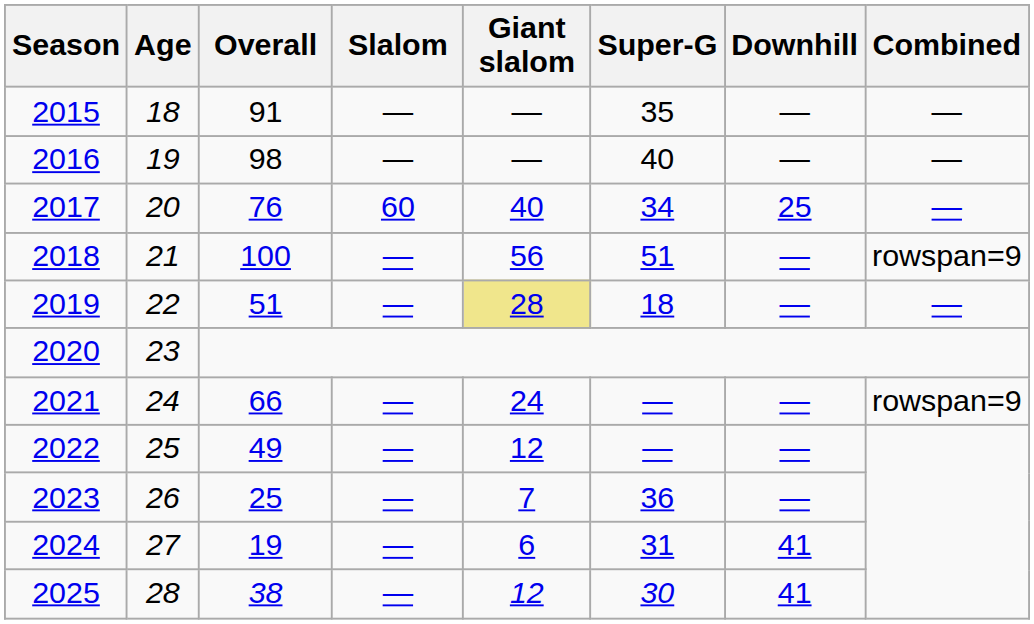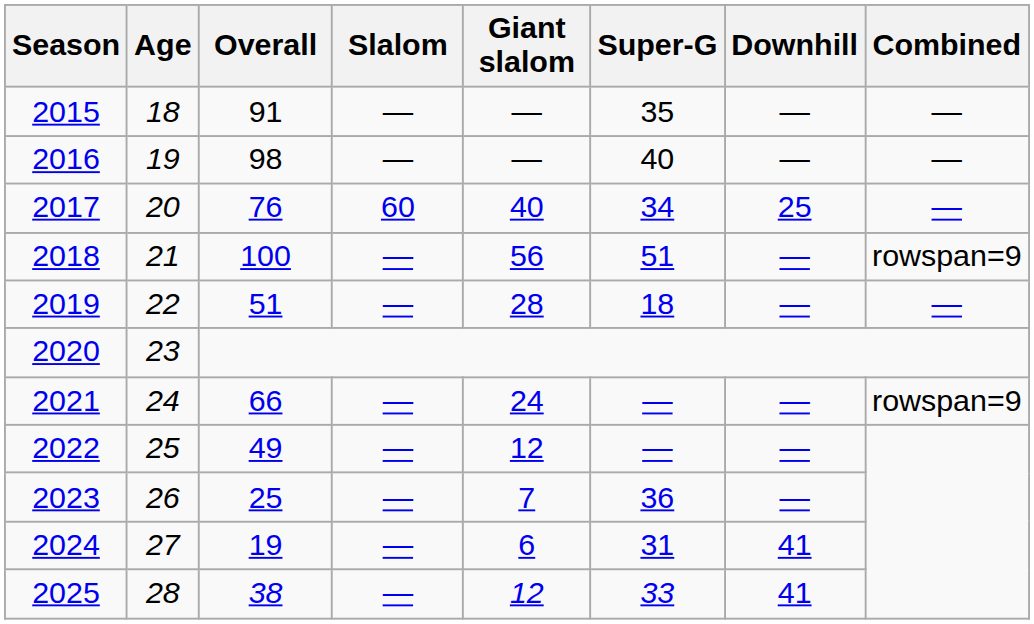 <table class=wikitable style="text-align:center">
 <tr>
 <th>Season</th>
 <th>Age</th>
 <th> Overall </th>
 <th> Slalom </th>
 <th>Giant<br> slalom </th>
 <th>Super-G</th>
 <th>Downhill</th>
 <th>Combined</th>
 </tr>
 <tr>
 <td><a href='#'>2015</a></td>
 <td><em>18</em></td>
 <td>91</td>
 <td>—</td>
 <td>—</td>
 <td>35</td>
 <td>—</td>
 <td>—</td>
 </tr>
 <tr>
 <td><a href='#'>2016</a></td>
 <td><em>19</em></td>
 <td>98</td>
 <td>—</td>
 <td>—</td>
 <td>40</td>
 <td>—</td>
 <td>—</td>
 </tr>
 <tr>
 <td><a href='#'>2017</a></td>
 <td><em>20</em></td>
 <td><a href='#'>76</a></td>
 <td><a href='#'>60</a></td>
 <td><a href='#'>40</a></td>
 <td><a href='#'>34</a></td>
 <td><a href='#'>25</a></td>
 <td><a href='#'>—</a></td>
 </tr>
 <tr>
 <td><a href='#'>2018</a></td>
 <td><em>21</em></td>
 <td><a href='#'>100</a></td>
 <td><a href='#'>—</a></td>
 <td><a href='#'>56</a></td>
 <td><a href='#'>51</a></td>
 <td><a href='#'>—</a></td>
 <td>rowspan=9 </td>
 </tr>
 <tr>
 <td><a href='#'>2019</a></td>
 <td><em>22</em></td>
 <td><a href='#'>51</a></td>
 <td><a href='#'>—</a></td>
-<td style="background: khaki;"><a href='#'>28</a></td>
+<td><a href='#'>28</a></td>
 <td><a href='#'>18</a></td>
 <td><a href='#'>—</a></td>
 <td><a href='#'>—</a></td>
 </tr>
 <tr>
 <td><a href='#'>2020</a></td>
 <td><em>23</em></td>
 <td colspan=6></td>
 </tr>
 <tr>
 <td><a href='#'>2021</a></td>
 <td><em>24</em></td>
 <td><a href='#'>66</a></td>
 <td><a href='#'>—</a></td>
 <td><a href='#'>24</a></td>
 <td><a href='#'>—</a></td>
 <td><a href='#'>—</a></td>
 <td>rowspan=9 </td>
 </tr>
 <tr>
 <td><a href='#'>2022</a></td>
 <td><em>25</em></td>
 <td><a href='#'>49</a></td>
 <td><a href='#'>—</a></td>
 <td><a href='#'>12</a></td>
 <td><a href='#'>—</a></td>
 <td><a href='#'>—</a></td>
 </tr>
 <tr>
 <td><a href='#'>2023</a></td>
 <td><em>26</em></td>
 <td><a href='#'>25</a></td>
 <td><a href='#'>—</a></td>
 <td><a href='#'>7</a></td>
 <td><a href='#'>36</a></td>
 <td><a href='#'>—</a></td>
 </tr>
 <tr>
 <td><a href='#'>2024</a></td>
 <td><em>27</em></td>
 <td><a href='#'>19</a></td>
 <td><a href='#'>—</a></td>
 <td><a href='#'>6</a></td>
 <td><a href='#'>31</a></td>
 <td><a href='#'>41</a></td>
 </tr>
 <tr>
 <td><a href='#'>2025</a></td>
 <td><em>28</em></td>
 <td><a href='#'><em>38</em></a></td>
 <td><a href='#'>—</a></td>
 <td><a href='#'><em>12</em></a></td>
-<td><a href='#'><em>30</em></a></td>
+<td><a href='#'><em>33</em></a></td>
 <td><a href='#'>41</a></td>
 </tr>
 </table>
